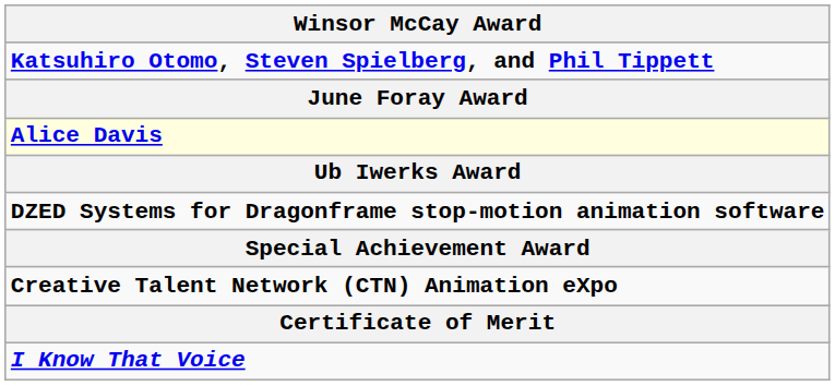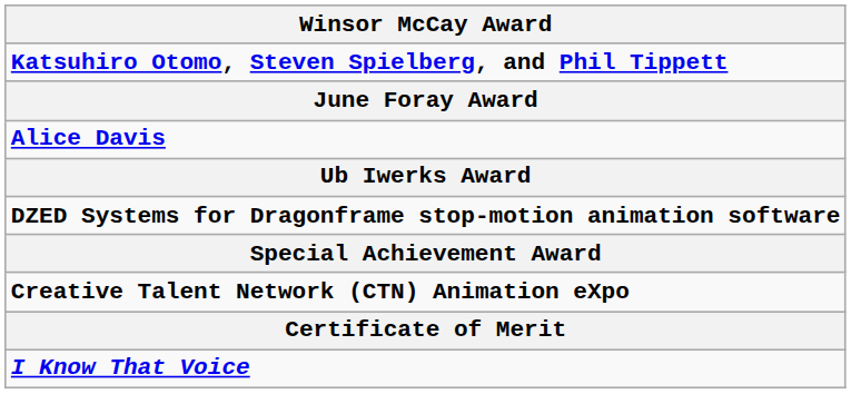 <table class=wikitable style="width=100%">
 <tr>
 <th style="width=50%">Winsor McCay Award</th>
 </tr>
 <tr>
 <td valign="top"><strong><a href='#'>Katsuhiro Otomo</a>, <a href='#'>Steven Spielberg</a>, and <a href='#'>Phil Tippett</a></strong></td>
 </tr>
 <tr>
 <th style="width=50%">June Foray Award</th>
 </tr>
 <tr>
-<td valign="top" style="background: lightyellow;"><strong><a href='#'>Alice Davis</a></strong></td>
+<td valign="top"><strong><a href='#'>Alice Davis</a></strong></td>
 </tr>
 <tr>
 <th style="width=50%">Ub Iwerks Award</th>
 </tr>
 <tr>
 <td valign="top"><strong>DZED Systems for Dragonframe stop-motion animation software</strong></td>
 </tr>
 <tr>
 <th style="width=50%">Special Achievement Award</th>
 </tr>
 <tr>
 <td valign="top"><strong>Creative Talent Network (CTN) Animation eXpo</strong></td>
 </tr>
 <tr>
 <th style="width=50%">Certificate of Merit</th>
 </tr>
 <tr>
 <td valign="top"><strong><em><a href='#'>I Know That Voice</a></em></strong></td>
 </tr>
 </table>
